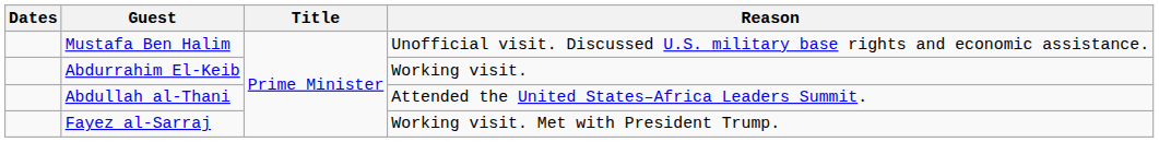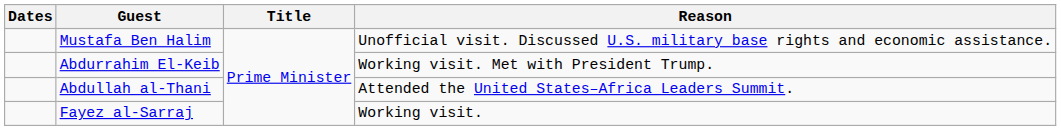 <table class="wikitable sortable">
 <tr>
 <th>Dates</th>
 <th>Guest</th>
 <th>Title</th>
 <th>Reason</th>
 </tr>
 <tr>
 <td></td>
 <td><a href='#'>Mustafa Ben Halim</a></td>
 <td rowspan=4><a href='#'>Prime Minister</a></td>
 <td>Unofficial visit. Discussed <a href='#'>U.S. military base</a> rights and economic assistance.</td>
 </tr>
 <tr>
 <td></td>
 <td><a href='#'>Abdurrahim El-Keib</a></td>
-<td>Working visit.</td>
+<td>Working visit. Met with President Trump.</td>
 </tr>
 <tr>
 <td></td>
 <td><a href='#'>Abdullah al-Thani</a></td>
 <td>Attended the <a href='#'>United States–Africa Leaders Summit</a>.</td>
 </tr>
 <tr>
 <td></td>
 <td><a href='#'>Fayez al-Sarraj</a></td>
-<td>Working visit. Met with President Trump.</td>
+<td>Working visit.</td>
 </tr>
 </table>
